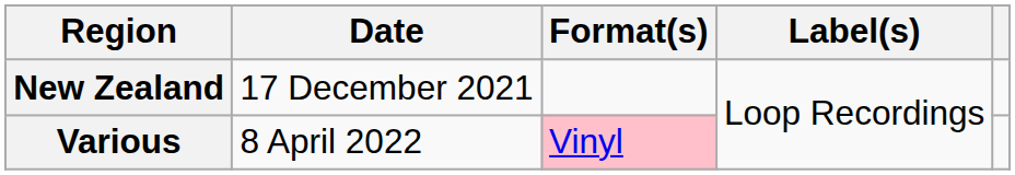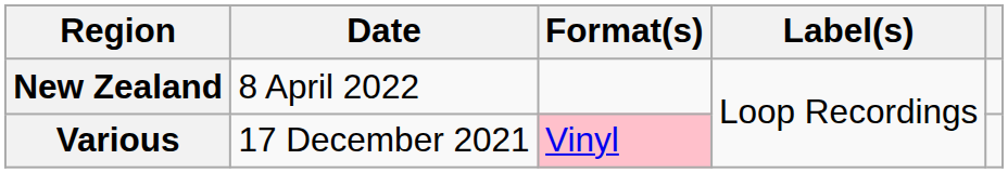 <table class="wikitable plainrowheaders">
 <tr>
 <th scope="col">Region</th>
 <th scope="col">Date</th>
 <th scope="col">Format(s)</th>
 <th scope="col">Label(s)</th>
 <th scope="col"></th>
 </tr>
 <tr>
 <th scope="row">New Zealand</th>
-<td>17 December 2021</td>
+<td>8 April 2022</td>
 <td></td>
 <td rowspan="2">Loop Recordings</td>
 <td align="center"></td>
 </tr>
 <tr>
 <th scope="row">Various</th>
-<td>8 April 2022</td>
+<td>17 December 2021</td>
 <td style="background: pink;"><a href='#'>Vinyl</a></td>
 <td align="center"></td>
 </tr>
 </table>
